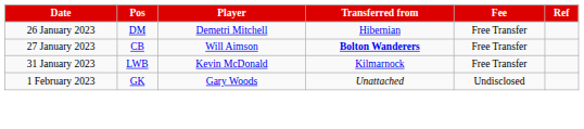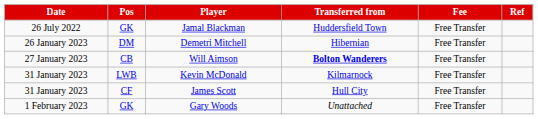 <table class="wikitable"  {| class="wikitable"  style="text-align:center; font-size:90%; ">
 <tr>
 <th style="background:#DD0000; color:#FFFFFF; width:150px; ">Date</th>
 <th style="background:#DD0000; color:#FFFFFF; width:50px; ">Pos</th>
 <th style="background:#DD0000; color:#FFFFFF; width:200px; ">Player</th>
 <th style="background:#DD0000; color:#FFFFFF; width:200px; ">Transferred from</th>
 <th style="background:#DD0000; color:#FFFFFF; width:120px; ">Fee</th>
 <th style="background:#DD0000; color:#FFFFFF; width:40px; ">Ref</th>
+</tr>
+<tr>
+<td>26 July 2022</td>
+<td><a href='#'>GK</a></td>
+<td> <a href='#'>Jamal Blackman</a></td>
+<td> <a href='#'>Huddersfield Town</a></td>
+<td>Free Transfer</td>
+<td></td>
 </tr>
 <tr>
 <td>26 January 2023</td>
 <td><a href='#'>DM</a></td>
 <td> <a href='#'>Demetri Mitchell</a></td>
 <td> <a href='#'>Hibernian</a></td>
 <td>Free Transfer</td>
 <td></td>
 </tr>
 <tr>
 <td>27 January 2023</td>
 <td><a href='#'>CB</a></td>
 <td> <a href='#'>Will Aimson</a></td>
 <td><strong> <a href='#'>Bolton Wanderers</a></strong></td>
 <td>Free Transfer</td>
 <td></td>
 </tr>
 <tr>
 <td>31 January 2023</td>
 <td><a href='#'>LWB</a></td>
 <td> <a href='#'>Kevin McDonald</a></td>
 <td> <a href='#'>Kilmarnock</a></td>
 <td>Free Transfer</td>
 <td></td>
 </tr>
 <tr>
+<td>31 January 2023</td>
+<td><a href='#'>CF</a></td>
+<td> <a href='#'>James Scott</a></td>
+<td> <a href='#'>Hull City</a></td>
+<td>Free Transfer</td>
+<td></td>
+</tr>
+<tr>
 <td>1 February 2023</td>
 <td><a href='#'>GK</a></td>
 <td> <a href='#'>Gary Woods</a></td>
 <td><em>Unattached</em></td>
-<td>Undisclosed</td>
+<td>Free Transfer</td>
 <td></td>
 </tr>
 </table>
